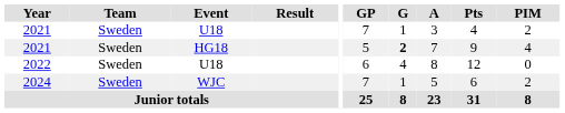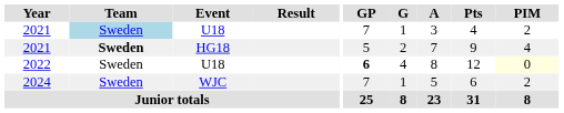 <table border="0" cellpadding="1" cellspacing="0" ID="Table3" style="text-align:center; width:40em">
 <tr bgcolor="#e0e0e0">
 <th>Year</th>
 <th>Team</th>
 <th>Event</th>
 <th>Result</th>
 <th rowspan="99" bgcolor="#ffffff"></th>
 <th>GP</th>
 <th>G</th>
 <th>A</th>
 <th>Pts</th>
 <th>PIM</th>
 </tr>
 <tr>
 <td><a href='#'>2021</a></td>
-<td><a href='#'>Sweden</a></td>
+<td style="background: lightblue;"><a href='#'>Sweden</a></td>
 <td><a href='#'>U18</a></td>
 <td></td>
 <td>7</td>
 <td>1</td>
 <td>3</td>
 <td>4</td>
 <td>2</td>
 </tr>
 <tr bgcolor="#f0f0f0">
 <td><a href='#'>2021</a></td>
-<td>Sweden</td>
+<td><strong>Sweden</strong></td>
 <td><a href='#'>HG18</a></td>
 <td></td>
 <td>5</td>
-<td><strong>2</strong></td>
+<td>2</td>
 <td>7</td>
 <td>9</td>
 <td>4</td>
 </tr>
 <tr>
 <td><a href='#'>2022</a></td>
 <td>Sweden</td>
 <td>U18</td>
 <td></td>
-<td>6</td>
+<td><strong>6</strong></td>
 <td>4</td>
 <td>8</td>
 <td>12</td>
-<td>0</td>
+<td style="background: lightyellow;">0</td>
 </tr>
 <tr bgcolor="#f0f0f0">
 <td><a href='#'>2024</a></td>
 <td><a href='#'>Sweden</a></td>
 <td><a href='#'>WJC</a></td>
 <td></td>
 <td>7</td>
 <td>1</td>
 <td>5</td>
 <td>6</td>
 <td>2</td>
 </tr>
 <tr bgcolor="#e0e0e0">
 <th colspan="4">Junior totals</th>
 <th>25</th>
 <th>8</th>
 <th>23</th>
 <th>31</th>
 <th>8</th>
 </tr>
 </table>
